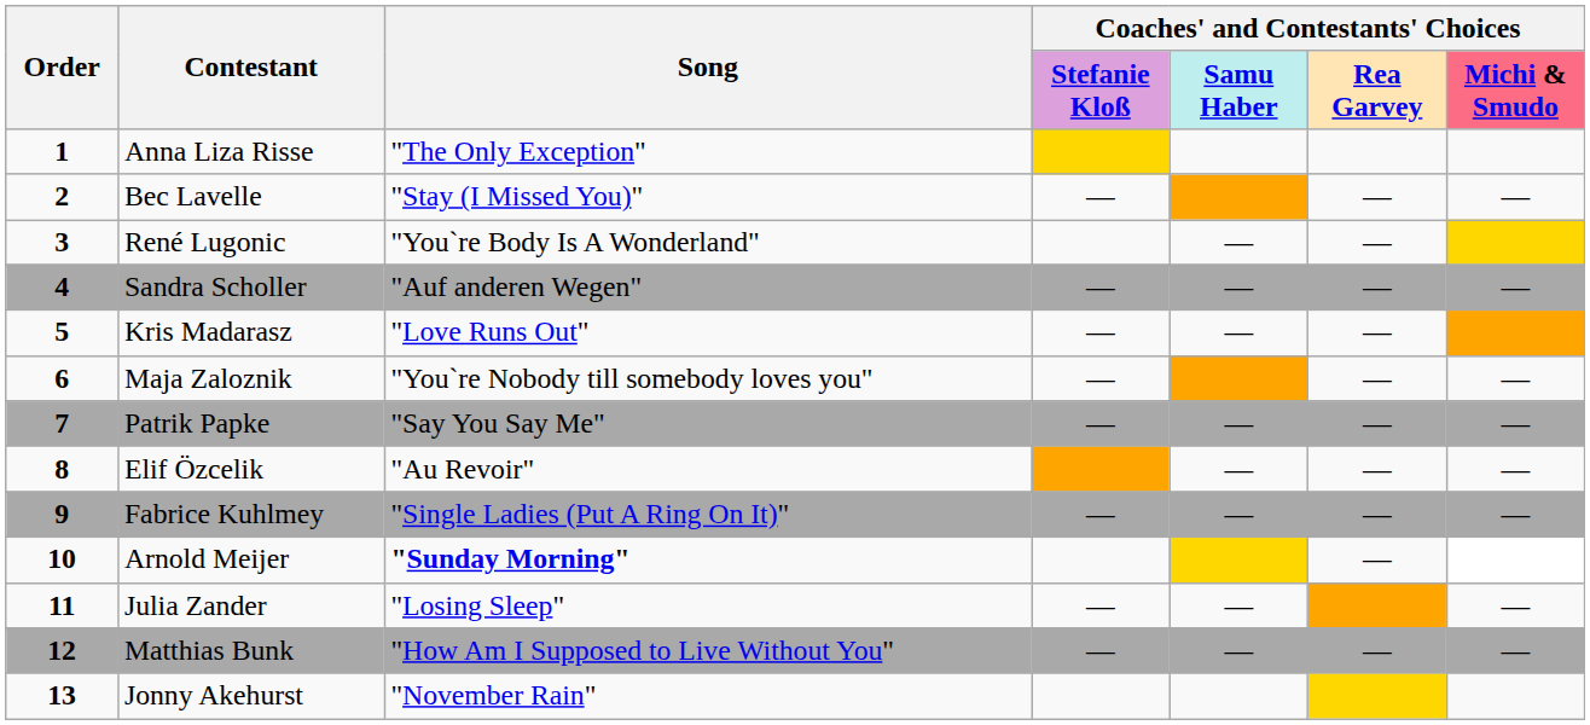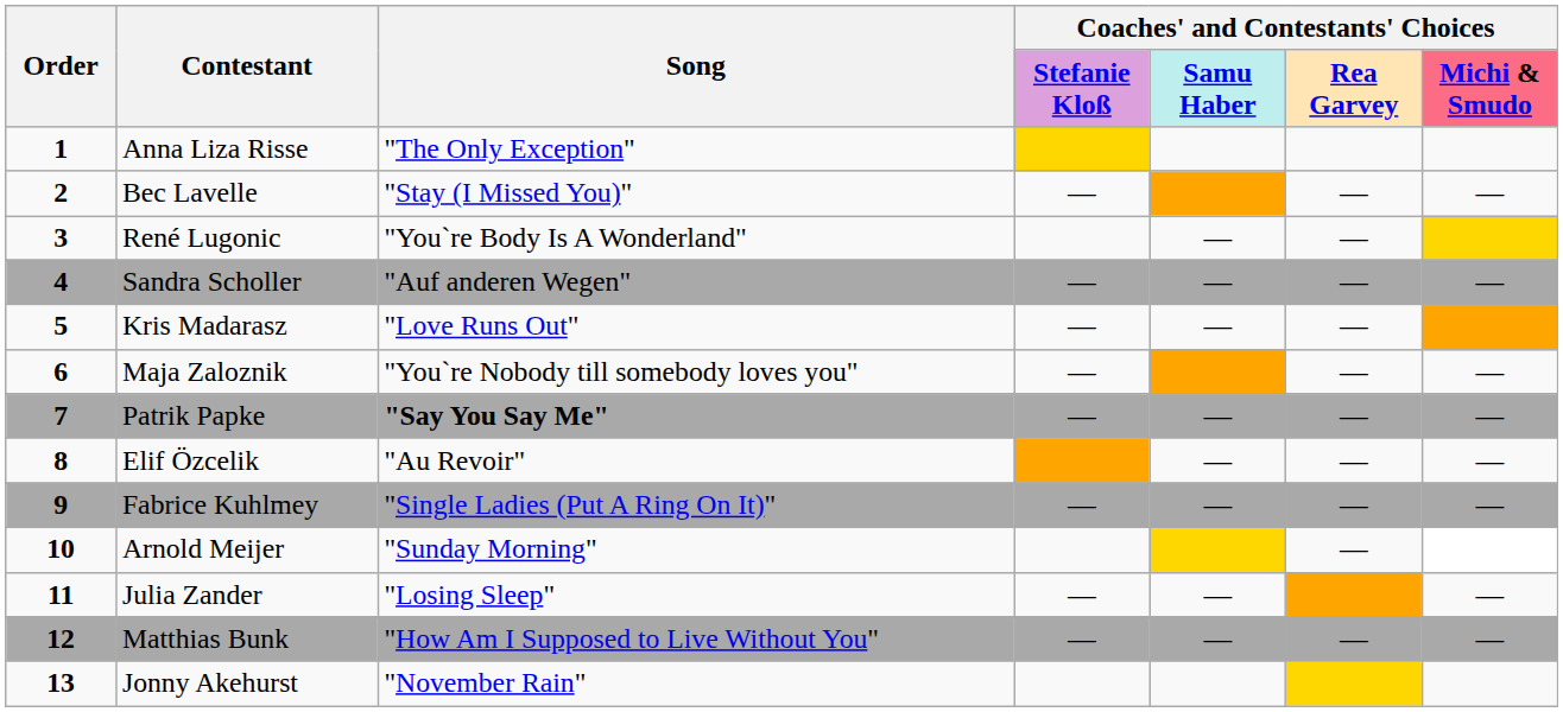 <table class="wikitable" style="width:100%;">
 <tr>
 <th rowspan=2>Order</th>
 <th rowspan=2>Contestant</th>
 <th rowspan=2>Song</th>
 <th colspan=4>Coaches' and Contestants' Choices</th>
 </tr>
 <tr>
 <th style="background-color:#dca0dc" width="70"><a href='#'>Stefanie Kloß</a></th>
 <th style="background-color:#bfeeee" width="70"><a href='#'>Samu Haber</a></th>
 <th style="background-color:#ffe5b4" width="70"><a href='#'>Rea Garvey</a></th>
 <th style="background-color:#FC6C85" width="70"><a href='#'>Michi</a> & <a href='#'>Smudo</a></th>
 </tr>
 <tr>
 <td align="center"><strong>1</strong></td>
 <td>Anna Liza Risse</td>
 <td>"<a href='#'>The Only Exception</a>"</td>
 <td style="background:gold;text-align:center;"></td>
 <td style=";text-align:center;"></td>
 <td style=";text-align:center;"></td>
 <td style=";text-align:center;"></td>
 </tr>
 <tr>
 <td align="center"><strong>2</strong></td>
 <td>Bec Lavelle</td>
 <td>"<a href='#'>Stay (I Missed You)</a>"</td>
 <td align="center">—</td>
 <td style="background:orange;text-align:center;"></td>
 <td align="center">—</td>
 <td align="center">—</td>
 </tr>
 <tr>
 <td align="center"><strong>3</strong></td>
 <td>René Lugonic</td>
 <td>"You`re Body Is A Wonderland"</td>
 <td style=";text-align:center;"></td>
 <td align="center">—</td>
 <td align="center">—</td>
 <td style="background:gold;text-align:center;"></td>
 </tr>
 <tr>
 </tr>
 <tr bgcolor=darkgrey>
 <td align="center"><strong>4</strong></td>
 <td>Sandra Scholler</td>
 <td>"Auf anderen Wegen"</td>
 <td align="center">—</td>
 <td align="center">—</td>
 <td align="center">—</td>
 <td align="center">—</td>
 </tr>
 <tr>
 <td align="center"><strong>5</strong></td>
 <td>Kris Madarasz</td>
 <td>"<a href='#'>Love Runs Out</a>"</td>
 <td align="center">—</td>
 <td align="center">—</td>
 <td align="center">—</td>
 <td style="background:orange;text-align:center;"></td>
 </tr>
 <tr>
 <td align="center"><strong>6</strong></td>
 <td>Maja Zaloznik</td>
 <td>"You`re Nobody till somebody loves you"</td>
 <td align="center">—</td>
 <td style="background:orange;text-align:center;"></td>
 <td align="center">—</td>
 <td align="center">—</td>
 </tr>
 <tr>
 </tr>
 <tr bgcolor=darkgrey>
 <td align="center"><strong>7</strong></td>
 <td>Patrik Papke</td>
-<td>"Say You Say Me"</td>
+<td><strong>"Say You Say Me"</strong></td>
 <td align="center">—</td>
 <td align="center">—</td>
 <td align="center">—</td>
 <td align="center">—</td>
 </tr>
 <tr>
 <td align="center"><strong>8</strong></td>
 <td>Elif Özcelik</td>
 <td>"Au Revoir"</td>
 <td style="background:orange;text-align:center;"></td>
 <td align="center">—</td>
 <td align="center">—</td>
 <td align="center">—</td>
 </tr>
 <tr bgcolor=darkgrey>
 </tr>
 <tr>
 </tr>
 <tr bgcolor=darkgrey>
 <td align="center"><strong>9</strong></td>
 <td>Fabrice Kuhlmey</td>
 <td>"<a href='#'>Single Ladies (Put A Ring On It)</a>"</td>
 <td align="center">—</td>
 <td align="center">—</td>
 <td align="center">—</td>
 <td align="center">—</td>
 </tr>
 <tr>
 <td align="center"><strong>10</strong></td>
 <td>Arnold Meijer</td>
-<td><strong>"<a href='#'>Sunday Morning</a>"</strong></td>
+<td>"<a href='#'>Sunday Morning</a>"</td>
 <td style=";text-align:center;"></td>
 <td style="background:gold;text-align:center;"></td>
 <td align="center">—</td>
 <td style="background:white;text-align:center;"></td>
 </tr>
 <tr>
 <td align="center"><strong>11</strong></td>
 <td>Julia Zander</td>
 <td>"<a href='#'>Losing Sleep</a>"</td>
 <td align="center">—</td>
 <td align="center">—</td>
 <td style="background:orange;text-align:center;"></td>
 <td align="center">—</td>
 </tr>
 <tr>
 </tr>
 <tr bgcolor=darkgrey>
 <td align="center"><strong>12</strong></td>
 <td>Matthias Bunk</td>
 <td>"<a href='#'>How Am I Supposed to Live Without You</a>"</td>
 <td align="center">—</td>
 <td align="center">—</td>
 <td align="center">—</td>
 <td align="center">—</td>
 </tr>
 <tr>
 <td align="center"><strong>13</strong></td>
 <td>Jonny Akehurst</td>
 <td>"<a href='#'>November Rain</a>"</td>
 <td style=";text-align:center;"></td>
 <td style=";text-align:center;"></td>
 <td style="background:gold;text-align:center;"></td>
 <td style=";text-align:center;"></td>
 </tr>
 </table>
